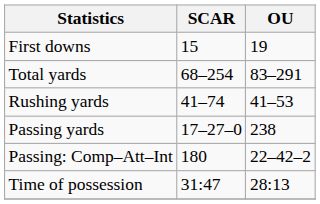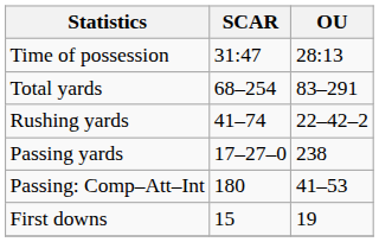 <table class="wikitable" style="float: left;">
 <tr>
 <th>Statistics</th>
 <th>SCAR</th>
 <th>OU</th>
 </tr>
 <tr>
-<td>First downs</td>
-<td>15</td>
-<td>19</td>
+<td>Time of possession</td>
+<td>31:47</td>
+<td>28:13</td>
 </tr>
 <tr>
 <td>Total yards</td>
 <td>68–254</td>
 <td>83–291</td>
 </tr>
 <tr>
 <td>Rushing yards</td>
 <td>41–74</td>
-<td>41–53</td>
+<td>22–42–2</td>
 </tr>
 <tr>
 <td>Passing yards</td>
 <td>17–27–0</td>
 <td>238</td>
 </tr>
 <tr>
 <td>Passing: Comp–Att–Int</td>
 <td>180</td>
-<td>22–42–2</td>
+<td>41–53</td>
 </tr>
 <tr>
-<td>Time of possession</td>
-<td>31:47</td>
-<td>28:13</td>
+<td>First downs</td>
+<td>15</td>
+<td>19</td>
 </tr>
 <tr>
 </tr>
 </table>
